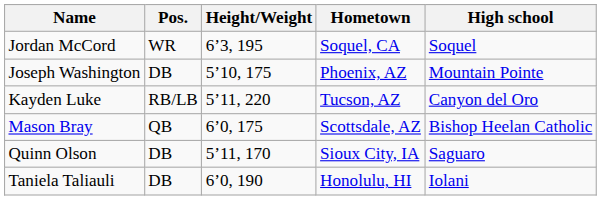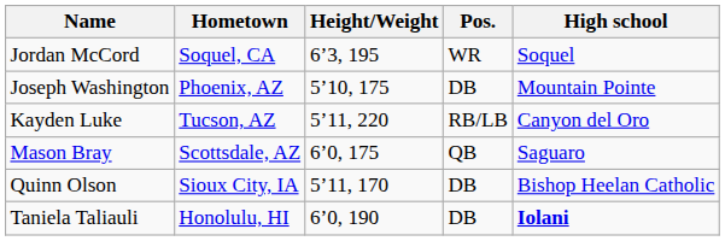 <table class="wikitable sortable">
 <tr>
 <th style="text-align:center; ">Name</th>
+<th style="text-align:center; ">Hometown</th>
+<th style="text-align:center; ">Height/Weight</th>
 <th style="text-align:center; ">Pos.</th>
-<th style="text-align:center; ">Height/Weight</th>
-<th style="text-align:center; ">Hometown</th>
 <th style="text-align:center; ">High school</th>
 </tr>
 <tr>
 <td>Jordan McCord</td>
+<td><a href='#'>Soquel, CA</a></td>
+<td>6’3, 195</td>
 <td>WR</td>
-<td>6’3, 195</td>
-<td><a href='#'>Soquel, CA</a></td>
 <td><a href='#'>Soquel</a></td>
 </tr>
 <tr>
 <td>Joseph Washington</td>
+<td><a href='#'>Phoenix, AZ</a></td>
+<td>5’10, 175</td>
 <td>DB</td>
-<td>5’10, 175</td>
-<td><a href='#'>Phoenix, AZ</a></td>
 <td><a href='#'>Mountain Pointe</a></td>
 </tr>
 <tr>
 <td>Kayden Luke</td>
+<td><a href='#'>Tucson, AZ</a></td>
+<td>5’11, 220</td>
 <td>RB/LB</td>
-<td>5’11, 220</td>
-<td><a href='#'>Tucson, AZ</a></td>
 <td><a href='#'>Canyon del Oro</a></td>
 </tr>
 <tr>
 <td><a href='#'>Mason Bray</a></td>
+<td><a href='#'>Scottsdale, AZ</a></td>
+<td>6’0, 175</td>
 <td>QB</td>
-<td>6’0, 175</td>
-<td><a href='#'>Scottsdale, AZ</a></td>
+<td><a href='#'>Saguaro</a></td>
+</tr>
+<tr>
+<td>Quinn Olson</td>
+<td><a href='#'>Sioux City, IA</a></td>
+<td>5’11, 170</td>
+<td>DB</td>
 <td><a href='#'>Bishop Heelan Catholic</a></td>
 </tr>
 <tr>
-<td>Quinn Olson</td>
+<td>Taniela Taliauli</td>
+<td><a href='#'>Honolulu, HI</a></td>
+<td>6’0, 190</td>
 <td>DB</td>
-<td>5’11, 170</td>
-<td><a href='#'>Sioux City, IA</a></td>
-<td><a href='#'>Saguaro</a></td>
-</tr>
-<tr>
-<td>Taniela Taliauli</td>
-<td>DB</td>
-<td>6’0, 190</td>
-<td><a href='#'>Honolulu, HI</a></td>
-<td><a href='#'>Iolani</a></td>
+<td><strong><a href='#'>Iolani</a></strong></td>
 </tr>
 </table>
